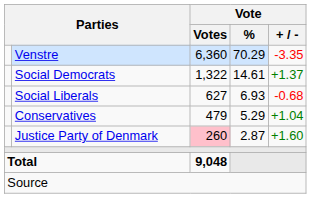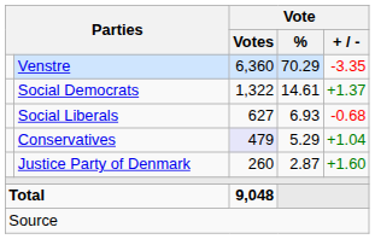 <table class="wikitable" style="text-align:right;">
 <tr>
 <th style="text-align:centre;" rowspan="2" colspan="2" width="225">Parties</th>
 <th colspan="3">Vote</th>
 </tr>
 <tr>
 <th width="15">Votes</th>
 <th width="15">%</th>
 <th width="15">+ / -</th>
 </tr>
 <tr>
 <td width="2" style="color:inherit;background:"></td>
 <td bgcolor=#cfe5fe  align="left"><a href='#'>Venstre</a></td>
 <td bgcolor=#cfe5fe>6,360</td>
 <td bgcolor=#cfe5fe>70.29</td>
 <td style=color:red;>-3.35</td>
 </tr>
 <tr>
 <td width="2" style="color:inherit;background:"></td>
 <td align="left"><a href='#'>Social Democrats</a></td>
 <td>1,322</td>
 <td>14.61</td>
 <td style=color:green;>+1.37</td>
 </tr>
 <tr>
 <td width="2" style="color:inherit;background:"></td>
 <td align="left"><a href='#'>Social Liberals</a></td>
 <td>627</td>
 <td>6.93</td>
 <td style=color:red;>-0.68</td>
 </tr>
 <tr>
 <td width="2" style="color:inherit;background:"></td>
 <td align="left"><a href='#'>Conservatives</a></td>
-<td>479</td>
+<td style="background: lavender;">479</td>
 <td>5.29</td>
 <td style=color:green;>+1.04</td>
 </tr>
 <tr>
 <td width="2" style="color:inherit;background:"></td>
 <td align="left"><a href='#'>Justice Party of Denmark</a></td>
-<td style="background: pink;">260</td>
+<td>260</td>
 <td>2.87</td>
 <td style=color:green;>+1.60</td>
 </tr>
 <tr>
 <td colspan="7" bgcolor="#E9E9E9"></td>
 </tr>
 <tr>
 <td align="left" colspan="2"><strong>Total</strong></td>
 <td><strong>9,048</strong></td>
 <td bgcolor="#E9E9E9" colspan="2"></td>
 </tr>
 <tr>
 <td align="left" colspan="6">Source</td>
 </tr>
 </table>
